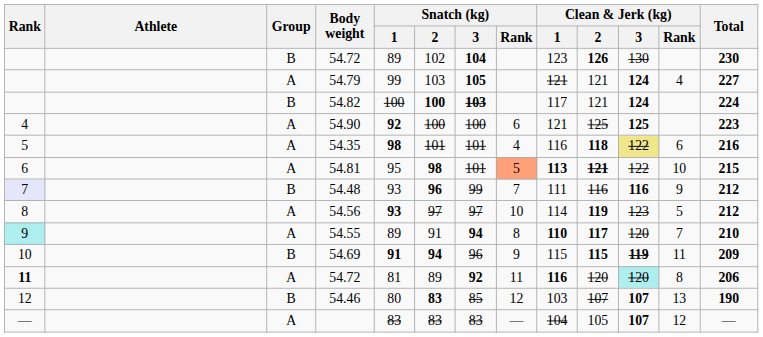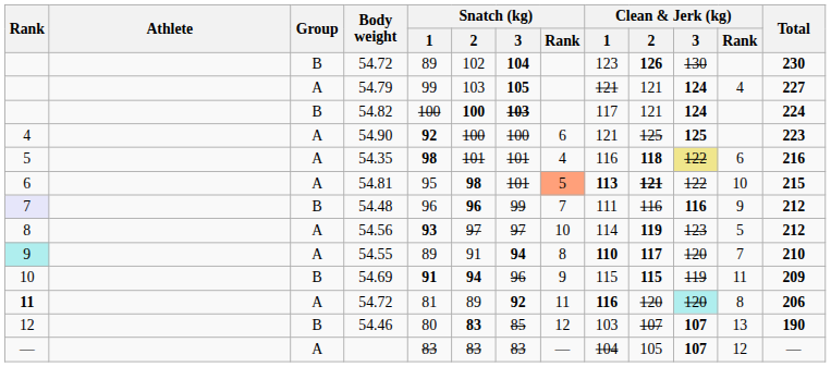 <table class = "wikitable" style="text-align:center;">
 <tr>
 <th rowspan=2 width=40>Rank</th>
 <th rowspan=2 width=250>Athlete</th>
 <th rowspan=2 width=50>Group</th>
 <th rowspan=2 width=60>Body weight</th>
 <th colspan=4>Snatch (kg)</th>
 <th colspan=4>Clean & Jerk (kg)</th>
 <th rowspan=2 width=60>Total</th>
 </tr>
 <tr>
 <th width=40>1</th>
 <th width=40>2</th>
 <th width=40>3</th>
 <th width=40>Rank</th>
 <th width=40>1</th>
 <th width=40>2</th>
 <th width=40>3</th>
 <th width=40>Rank</th>
 </tr>
 <tr>
 <td></td>
 <td align=left></td>
 <td>B</td>
 <td>54.72</td>
 <td>89</td>
 <td>102</td>
 <td><strong>104</strong></td>
 <td></td>
 <td>123</td>
 <td><strong>126</strong></td>
 <td><s>130</s></td>
 <td></td>
 <td><strong>230</strong></td>
 </tr>
 <tr>
 <td></td>
 <td align=left></td>
 <td>A</td>
 <td>54.79</td>
 <td>99</td>
 <td>103</td>
 <td><strong>105</strong></td>
 <td></td>
 <td><s>121</s></td>
 <td>121</td>
 <td><strong>124</strong></td>
 <td>4</td>
 <td><strong>227</strong></td>
 </tr>
 <tr>
 <td></td>
 <td align=left></td>
 <td>B</td>
 <td>54.82</td>
 <td><s>100</s></td>
 <td><strong>100</strong></td>
 <td><strong><s>103</s></strong></td>
 <td></td>
 <td>117</td>
 <td>121</td>
 <td><strong>124</strong></td>
 <td></td>
 <td><strong>224</strong></td>
 </tr>
 <tr>
 <td>4</td>
 <td align=left></td>
 <td>A</td>
 <td>54.90</td>
 <td><strong>92</strong></td>
 <td><s>100</s></td>
 <td><s>100</s></td>
 <td>6</td>
 <td>121</td>
 <td><s>125</s></td>
 <td><strong>125</strong></td>
 <td></td>
 <td><strong>223</strong></td>
 </tr>
 <tr>
 <td>5</td>
 <td align=left></td>
 <td>A</td>
 <td>54.35</td>
 <td><strong>98</strong></td>
 <td><s>101</s></td>
 <td><s>101</s></td>
 <td>4</td>
 <td>116</td>
 <td><strong>118</strong></td>
 <td style="background: khaki;"><s>122</s></td>
 <td>6</td>
 <td><strong>216</strong></td>
 </tr>
 <tr>
 <td>6</td>
 <td align=left></td>
 <td>A</td>
 <td>54.81</td>
 <td>95</td>
 <td><strong>98</strong></td>
 <td><s>101</s></td>
 <td style="background: lightsalmon;">5</td>
 <td><strong>113</strong></td>
 <td><strong><s>121</s></strong></td>
 <td><s>122</s></td>
 <td>10</td>
 <td><strong>215</strong></td>
 </tr>
 <tr>
 <td style="background: lavender;">7</td>
 <td align=left></td>
 <td>B</td>
 <td>54.48</td>
-<td>93</td>
+<td>96</td>
 <td><strong>96</strong></td>
 <td><s>99</s></td>
 <td>7</td>
 <td>111</td>
 <td><s>116</s></td>
 <td><strong>116</strong></td>
 <td>9</td>
 <td><strong>212</strong></td>
 </tr>
 <tr>
 <td>8</td>
 <td align=left></td>
 <td>A</td>
 <td>54.56</td>
 <td><strong>93</strong></td>
 <td><s>97</s></td>
 <td><s>97</s></td>
 <td>10</td>
 <td>114</td>
 <td><strong>119</strong></td>
 <td><s>123</s></td>
 <td>5</td>
 <td><strong>212</strong></td>
 </tr>
 <tr>
 <td style="background: paleturquoise;">9</td>
 <td align=left></td>
 <td>A</td>
 <td>54.55</td>
 <td>89</td>
 <td>91</td>
 <td><strong>94</strong></td>
 <td>8</td>
 <td><strong>110</strong></td>
 <td><strong>117</strong></td>
 <td><s>120</s></td>
 <td>7</td>
 <td><strong>210</strong></td>
 </tr>
 <tr>
 <td>10</td>
 <td align=left></td>
 <td>B</td>
 <td>54.69</td>
 <td><strong>91</strong></td>
 <td><strong>94</strong></td>
 <td><s>96</s></td>
 <td>9</td>
 <td>115</td>
 <td><strong>115</strong></td>
-<td><strong><s>119</s></strong></td>
+<td><s>119</s></td>
 <td>11</td>
 <td><strong>209</strong></td>
 </tr>
 <tr>
 <td><strong>11</strong></td>
 <td align=left></td>
 <td>A</td>
 <td>54.72</td>
 <td>81</td>
 <td>89</td>
 <td><strong>92</strong></td>
 <td>11</td>
 <td><strong>116</strong></td>
 <td><s>120</s></td>
 <td style="background: paleturquoise;"><s>120</s></td>
 <td>8</td>
 <td><strong>206</strong></td>
 </tr>
 <tr>
 <td>12</td>
 <td align=left></td>
 <td>B</td>
 <td>54.46</td>
 <td>80</td>
 <td><strong>83</strong></td>
 <td><s>85</s></td>
 <td>12</td>
 <td>103</td>
 <td><s>107</s></td>
 <td><strong>107</strong></td>
 <td>13</td>
 <td><strong>190</strong></td>
 </tr>
 <tr>
 <td>—</td>
 <td align=left></td>
 <td>A</td>
 <td></td>
 <td><s>83</s></td>
 <td><s>83</s></td>
 <td><s>83</s></td>
 <td>—</td>
 <td><s>104</s></td>
 <td>105</td>
 <td><strong>107</strong></td>
 <td>12</td>
 <td>—</td>
 </tr>
 </table>
